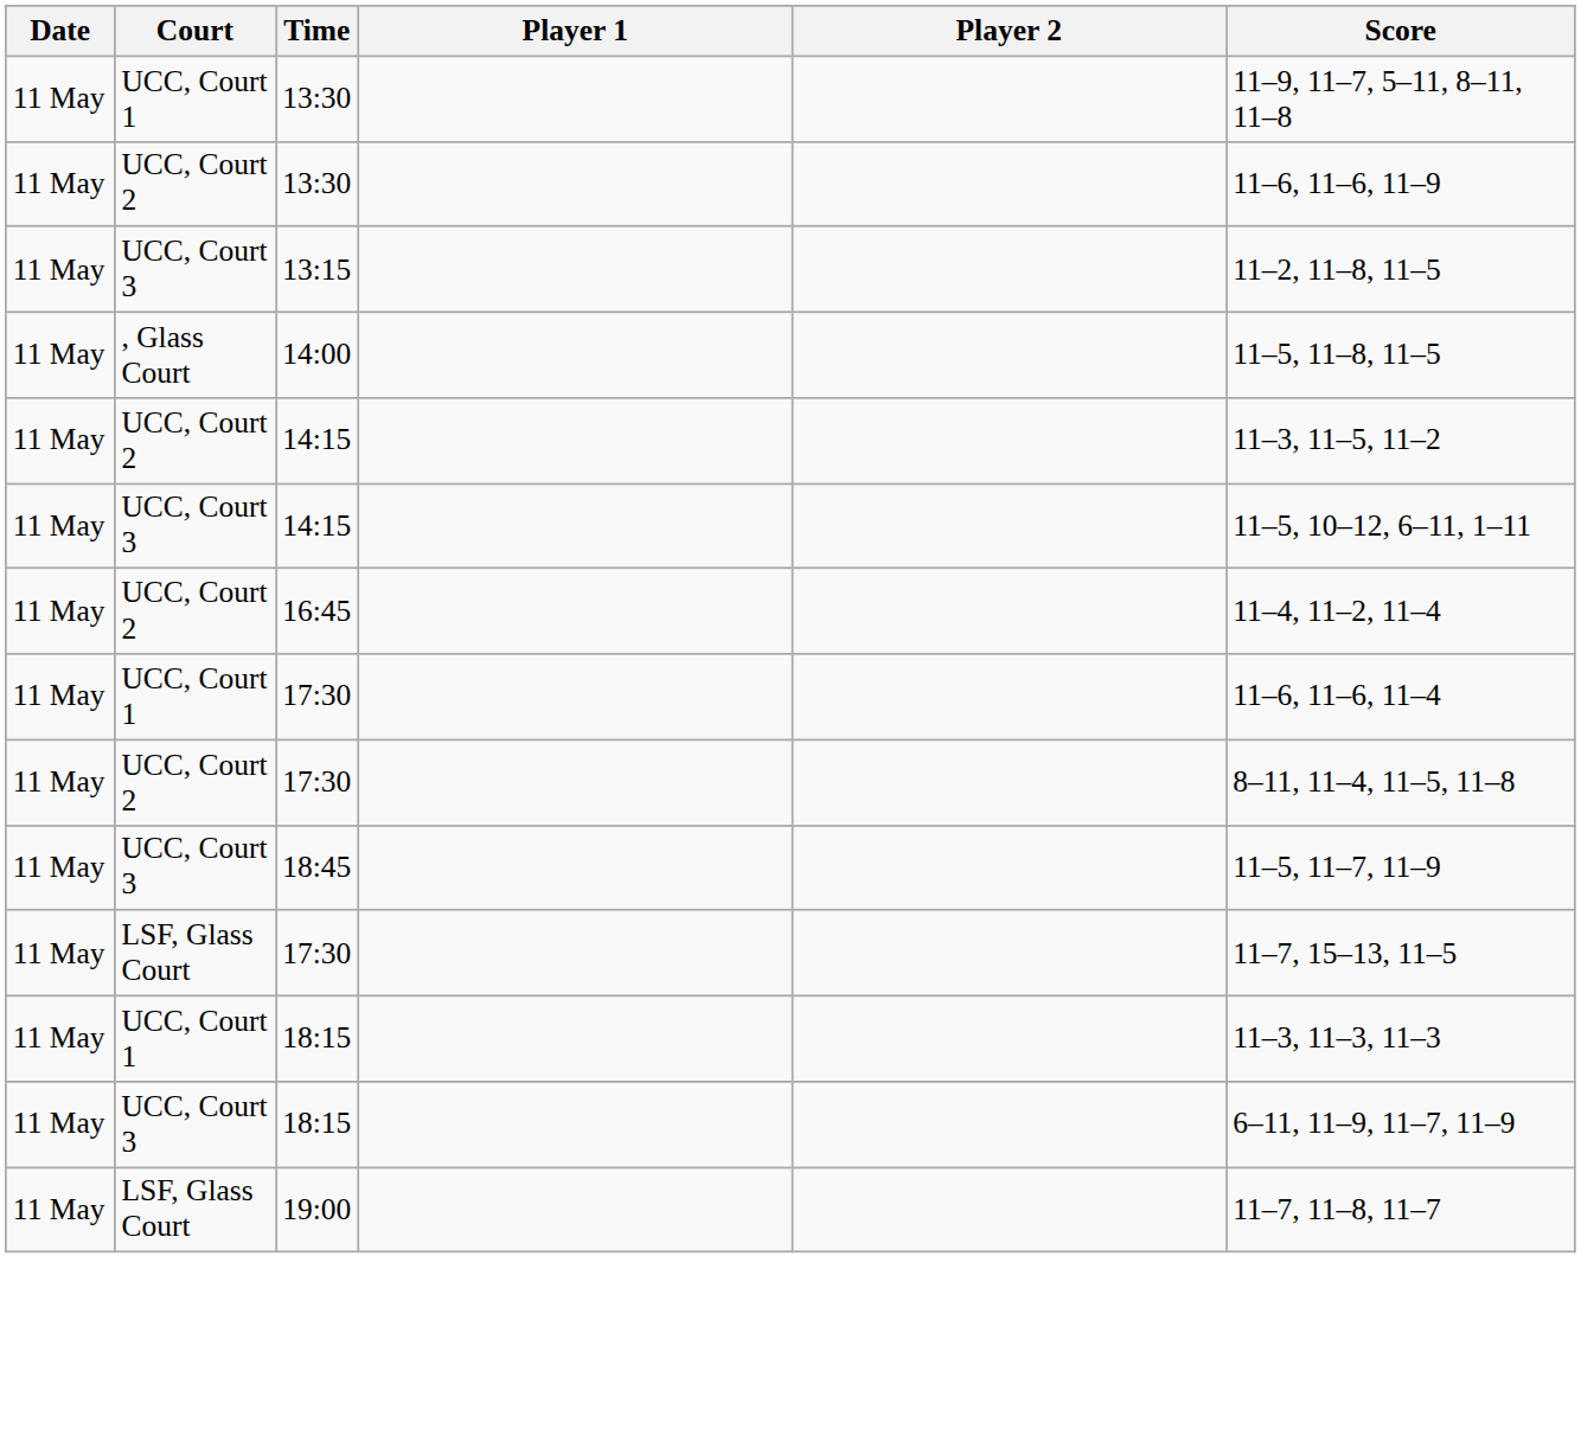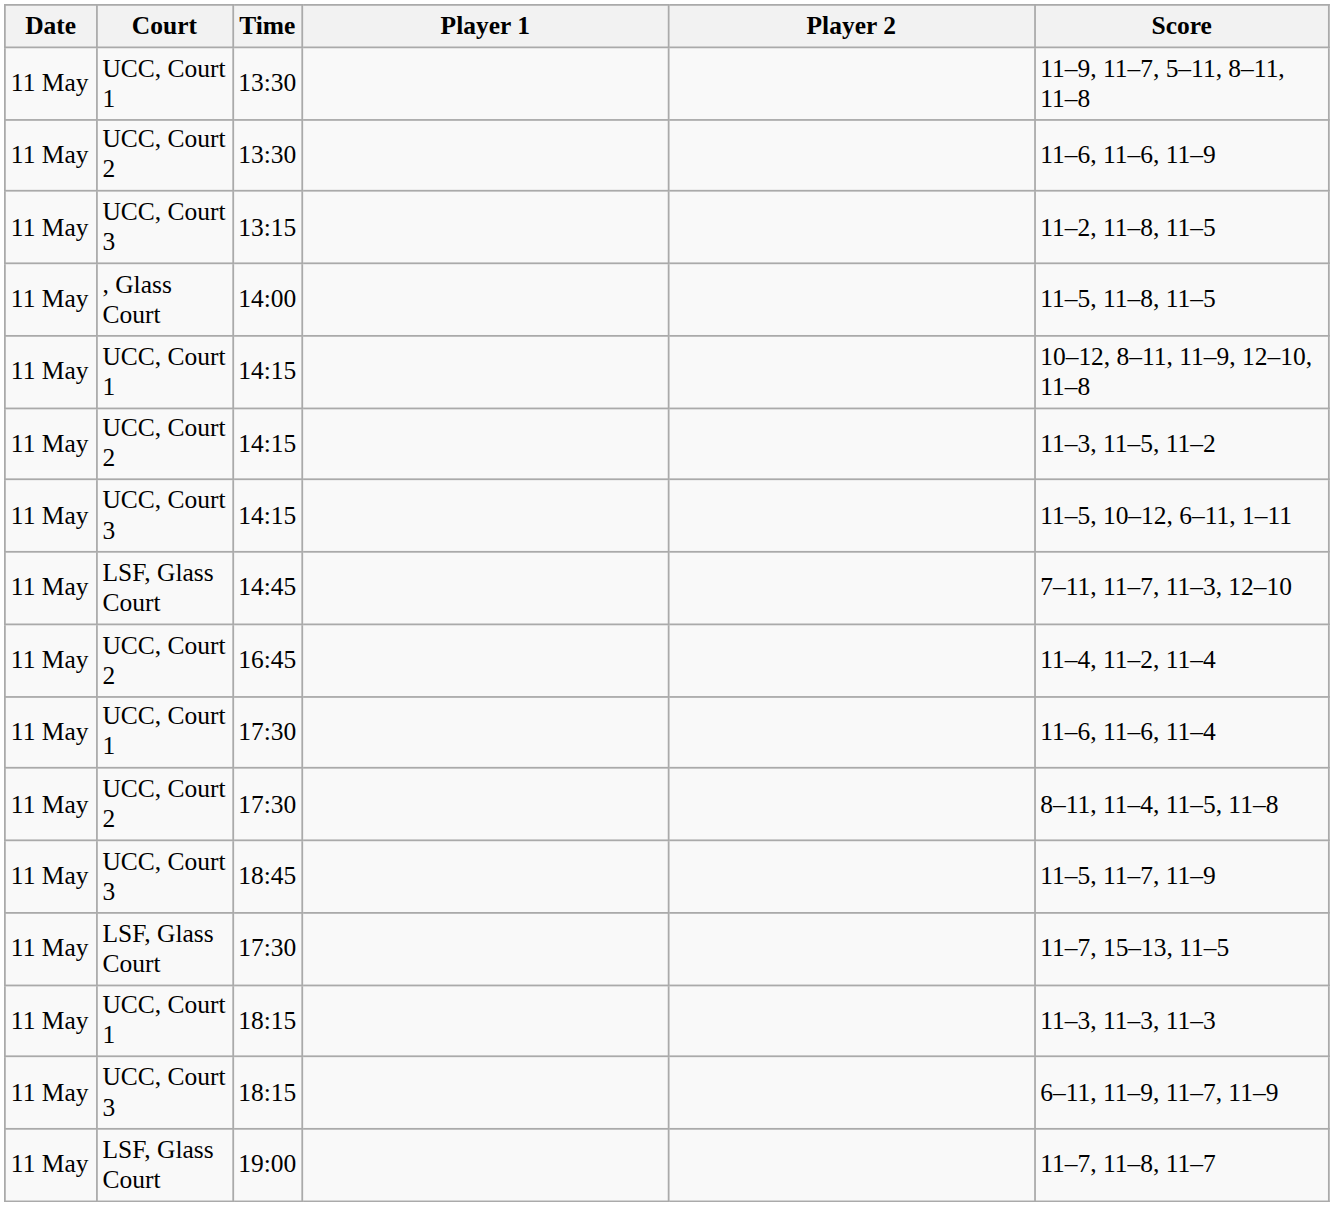 <table class="sortable wikitable" style="font-size:90%">
 <tr>
 <th width="45" class="unsortable">Date</th>
 <th width="70">Court</th>
 <th width="30">Time</th>
 <th width="200">Player 1</th>
 <th width="200">Player 2</th>
 <th width="160" class="unsortable">Score</th>
 </tr>
 <tr>
 <td>11 May</td>
 <td>UCC, Court 1</td>
 <td>13:30</td>
 <td><strong></strong></td>
 <td></td>
 <td>11–9, 11–7, 5–11, 8–11, 11–8</td>
 </tr>
 <tr>
 <td>11 May</td>
 <td>UCC, Court 2</td>
 <td>13:30</td>
 <td><strong></strong></td>
 <td></td>
 <td>11–6, 11–6, 11–9</td>
 </tr>
 <tr>
 <td>11 May</td>
 <td>UCC, Court 3</td>
 <td>13:15</td>
 <td><strong></strong></td>
 <td></td>
 <td>11–2, 11–8, 11–5</td>
 </tr>
 <tr>
 <td>11 May</td>
 <td>, Glass Court</td>
 <td>14:00</td>
 <td><strong></strong></td>
 <td></td>
 <td>11–5, 11–8, 11–5</td>
 </tr>
 <tr>
 <td>11 May</td>
+<td>UCC, Court 1</td>
+<td>14:15</td>
+<td><strong></strong></td>
+<td></td>
+<td>10–12, 8–11, 11–9, 12–10, 11–8</td>
+</tr>
+<tr>
+<td>11 May</td>
 <td>UCC, Court 2</td>
 <td>14:15</td>
 <td><strong></strong></td>
 <td></td>
 <td>11–3, 11–5, 11–2</td>
 </tr>
 <tr>
 <td>11 May</td>
 <td>UCC, Court 3</td>
 <td>14:15</td>
 <td></td>
 <td><strong></strong></td>
 <td>11–5, 10–12, 6–11, 1–11</td>
+</tr>
+<tr>
+<td>11 May</td>
+<td>LSF, Glass Court</td>
+<td>14:45</td>
+<td><strong></strong></td>
+<td></td>
+<td>7–11, 11–7, 11–3, 12–10</td>
 </tr>
 <tr>
 <td>11 May</td>
 <td>UCC, Court 2</td>
 <td>16:45</td>
 <td><strong></strong></td>
 <td></td>
 <td>11–4, 11–2, 11–4</td>
 </tr>
 <tr>
 <td>11 May</td>
 <td>UCC, Court 1</td>
 <td>17:30</td>
 <td><strong></strong></td>
 <td></td>
 <td>11–6, 11–6, 11–4</td>
 </tr>
 <tr>
 <td>11 May</td>
 <td>UCC, Court 2</td>
 <td>17:30</td>
 <td><strong></strong></td>
 <td></td>
 <td>8–11, 11–4, 11–5, 11–8</td>
 </tr>
 <tr>
 <td>11 May</td>
 <td>UCC, Court 3</td>
 <td>18:45</td>
 <td><strong></strong></td>
 <td></td>
 <td>11–5, 11–7, 11–9</td>
 </tr>
 <tr>
 <td>11 May</td>
 <td>LSF, Glass Court</td>
 <td>17:30</td>
 <td><strong></strong></td>
 <td></td>
 <td>11–7, 15–13, 11–5</td>
 </tr>
 <tr>
 <td>11 May</td>
 <td>UCC, Court 1</td>
 <td>18:15</td>
 <td><strong></strong></td>
 <td></td>
 <td>11–3, 11–3, 11–3</td>
 </tr>
 <tr>
 <td>11 May</td>
 <td>UCC, Court 3</td>
 <td>18:15</td>
 <td><strong></strong></td>
 <td></td>
 <td>6–11, 11–9, 11–7, 11–9</td>
 </tr>
 <tr>
 <td>11 May</td>
 <td>LSF, Glass Court</td>
 <td>19:00</td>
 <td><strong></strong></td>
 <td></td>
 <td>11–7, 11–8, 11–7</td>
 </tr>
 </table>
